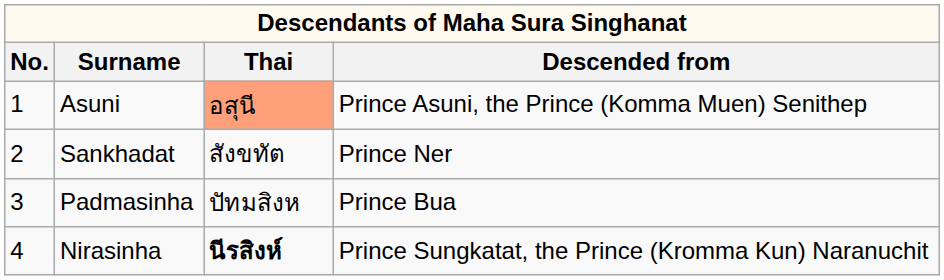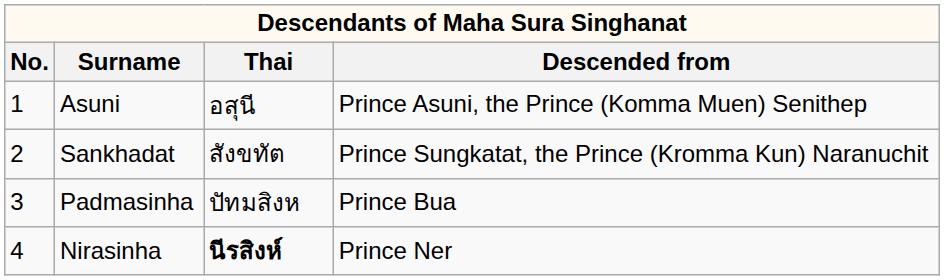 <table class="wikitable collapsible collapsed" style="width:100%;">
 <tr>
 <th style="align: center; background: #fffaf0;" colspan="4"><strong>Descendants of Maha Sura Singhanat</strong></th>
 </tr>
 <tr>
 <th style="width:4%;">No.</th>
 <th style="width:16%;">Surname</th>
 <th style="width:14%;">Thai</th>
 <th style="width:66%;">Descended from</th>
 </tr>
 <tr>
 <td>1</td>
 <td>Asuni</td>
-<td style="background: lightsalmon;">อสุนี</td>
+<td>อสุนี</td>
 <td>Prince Asuni, the Prince (Komma Muen) Senithep</td>
 </tr>
 <tr>
 <td>2</td>
 <td>Sankhadat</td>
 <td>สังขทัต</td>
-<td>Prince Ner</td>
+<td>Prince Sungkatat, the Prince (Kromma Kun) Naranuchit</td>
 </tr>
 <tr>
 <td>3</td>
 <td>Padmasinha</td>
 <td>ปัทมสิงห</td>
 <td>Prince Bua</td>
 </tr>
 <tr>
 <td>4</td>
 <td>Nirasinha</td>
 <td><strong>นีรสิงห์</strong></td>
-<td>Prince Sungkatat, the Prince (Kromma Kun) Naranuchit</td>
+<td>Prince Ner</td>
 </tr>
 </table>
